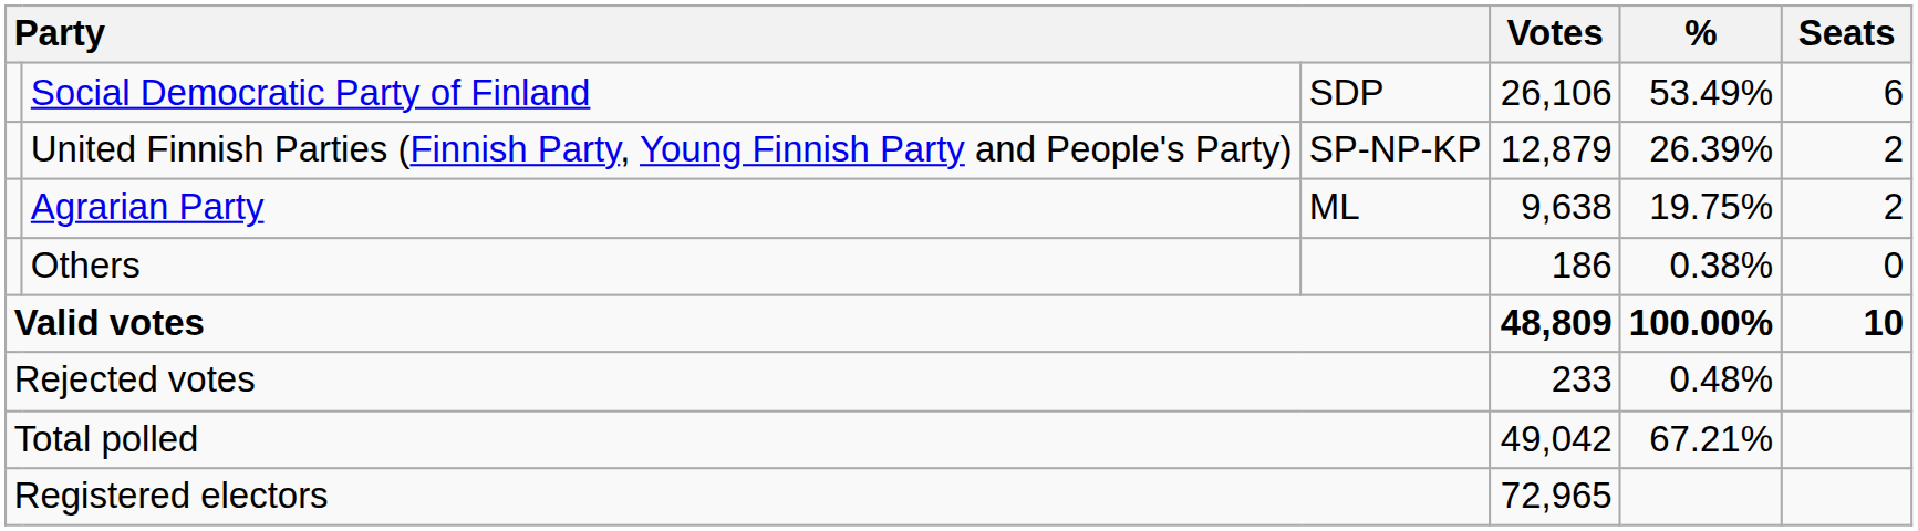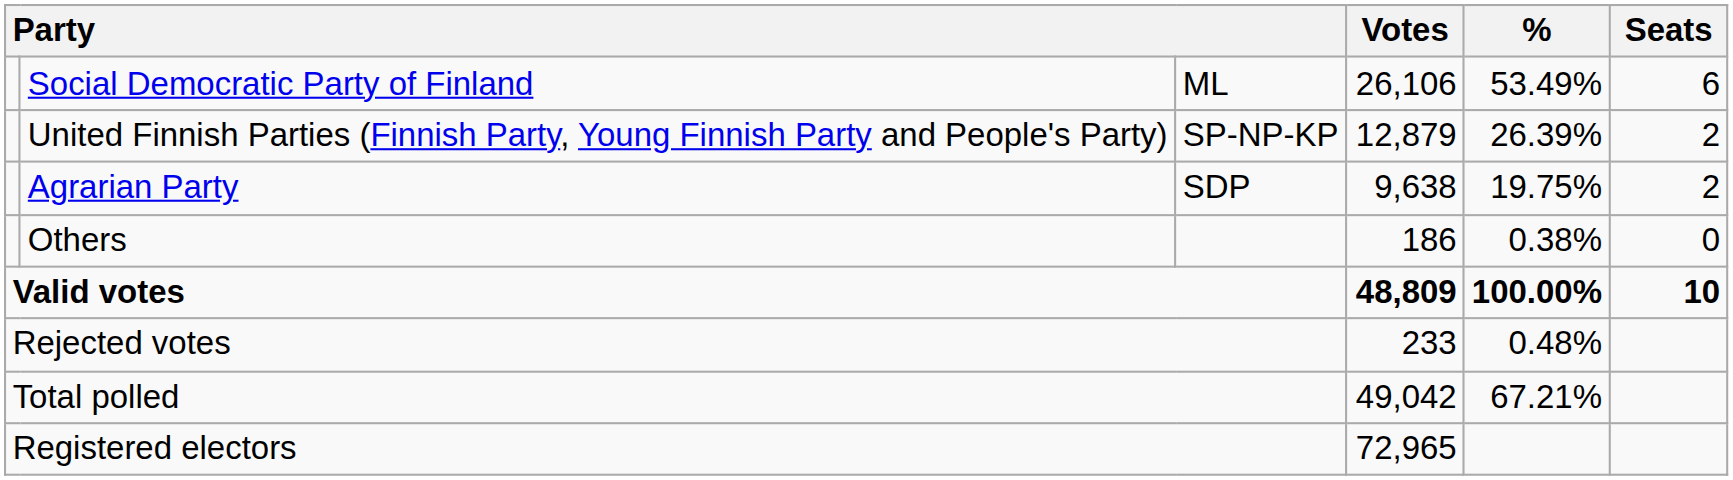 <table class="wikitable" border="1" style="text-align:right;">
 <tr>
 <th style="text-align:left;" colspan=3>Party</th>
 <th align=center width="50">Votes</th>
 <th align=center width="50">%</th>
 <th align=center width="50">Seats</th>
 </tr>
 <tr>
 <td></td>
 <td align=left style="white-space: nowrap;"><a href='#'>Social Democratic Party of Finland</a></td>
-<td align=left>SDP</td>
+<td align=left>ML</td>
 <td>26,106</td>
 <td>53.49%</td>
 <td>6</td>
 </tr>
 <tr>
 <td></td>
 <td align=left>United Finnish Parties (<a href='#'>Finnish Party</a>, <a href='#'>Young Finnish Party</a> and People's Party)</td>
 <td align=left>SP-NP-KP</td>
 <td>12,879</td>
 <td>26.39%</td>
 <td>2</td>
 </tr>
 <tr>
 <td></td>
 <td align=left><a href='#'>Agrarian Party</a></td>
-<td align=left>ML</td>
+<td align=left>SDP</td>
 <td>9,638</td>
 <td>19.75%</td>
 <td>2</td>
 </tr>
 <tr>
 <td></td>
 <td align=left>Others</td>
 <td align=left></td>
 <td>186</td>
 <td>0.38%</td>
 <td>0</td>
 </tr>
 <tr style="font-weight:bold">
 <td align=left colspan=3>Valid votes</td>
 <td>48,809</td>
 <td>100.00%</td>
 <td>10</td>
 </tr>
 <tr>
 <td align=left colspan=3>Rejected votes</td>
 <td>233</td>
 <td>0.48%</td>
 <td></td>
 </tr>
 <tr>
 <td align=left colspan=3>Total polled</td>
 <td>49,042</td>
 <td>67.21%</td>
 <td></td>
 </tr>
 <tr>
 <td align=left colspan=3>Registered electors</td>
 <td>72,965</td>
 <td></td>
 <td></td>
 </tr>
 </table>
